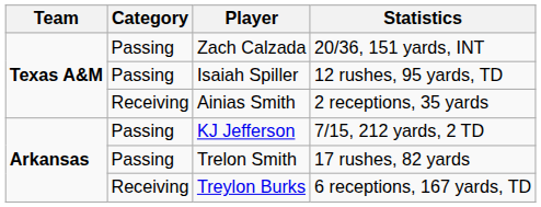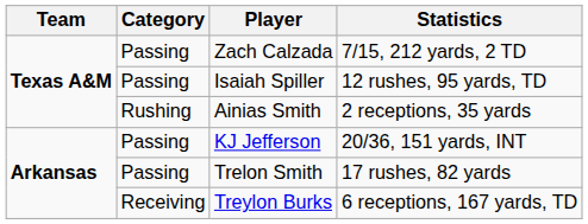 <table class="wikitable" style="float: right;">
 <tr>
 <th>Team</th>
 <th>Category</th>
 <th>Player</th>
 <th>Statistics</th>
 </tr>
 <tr>
 <td rowspan=3><strong>Texas A&M</strong></td>
 <td>Passing</td>
 <td>Zach Calzada</td>
-<td>20/36, 151 yards, INT</td>
+<td>7/15, 212 yards, 2 TD</td>
 </tr>
 <tr>
 <td>Passing</td>
 <td>Isaiah Spiller</td>
 <td>12 rushes, 95 yards, TD</td>
 </tr>
 <tr>
-<td>Receiving</td>
+<td>Rushing</td>
 <td>Ainias Smith</td>
 <td>2 receptions, 35 yards</td>
 </tr>
 <tr>
 <td rowspan=3><strong>Arkansas</strong></td>
 <td>Passing</td>
 <td><a href='#'>KJ Jefferson</a></td>
-<td>7/15, 212 yards, 2 TD</td>
+<td>20/36, 151 yards, INT</td>
 </tr>
 <tr>
 <td>Passing</td>
 <td>Trelon Smith</td>
 <td>17 rushes, 82 yards</td>
 </tr>
 <tr>
 <td>Receiving</td>
 <td><a href='#'>Treylon Burks</a></td>
 <td>6 receptions, 167 yards, TD</td>
 </tr>
 </table>
